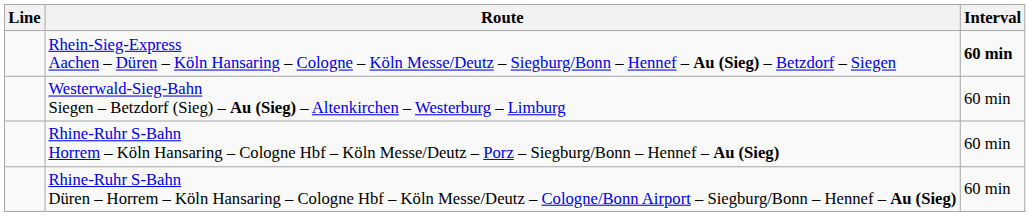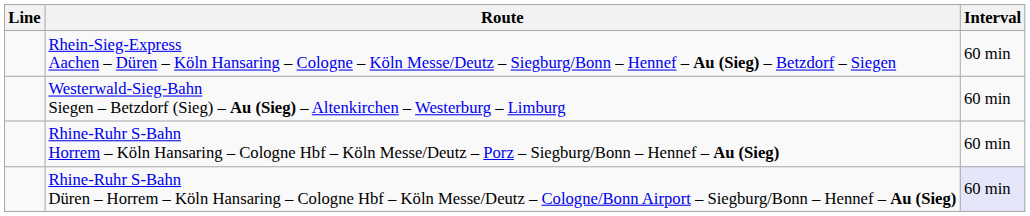 <table class="wikitable">
 <tr class="hintergrundfarbe6">
 <th>Line</th>
 <th>Route</th>
 <th>Interval</th>
 </tr>
 <tr>
 <td></td>
 <td><a href='#'>Rhein-Sieg-Express</a><br><a href='#'>Aachen</a> – <a href='#'>Düren</a> – <a href='#'>Köln Hansaring</a> – <a href='#'>Cologne</a> – <a href='#'>Köln Messe/Deutz</a> – <a href='#'>Siegburg/Bonn</a> – <a href='#'>Hennef</a> – <strong>Au (Sieg)</strong> – <a href='#'>Betzdorf</a> – <a href='#'>Siegen</a></td>
-<td><strong>60 min</strong></td>
+<td>60 min</td>
 </tr>
 <tr>
 <td></td>
 <td><a href='#'>Westerwald-Sieg-Bahn</a><br>Siegen – Betzdorf (Sieg) – <strong>Au (Sieg)</strong> – <a href='#'>Altenkirchen</a> – <a href='#'>Westerburg</a> – <a href='#'>Limburg</a></td>
 <td>60 min</td>
 </tr>
 <tr>
 <td></td>
 <td><a href='#'>Rhine-Ruhr S-Bahn</a><br><a href='#'>Horrem</a> – Köln Hansaring – Cologne Hbf – Köln Messe/Deutz – <a href='#'>Porz</a> – Siegburg/Bonn – Hennef – <strong>Au (Sieg)</strong></td>
 <td>60 min</td>
 </tr>
 <tr>
 <td></td>
 <td><a href='#'>Rhine-Ruhr S-Bahn</a><br> Düren – Horrem – Köln Hansaring – Cologne Hbf – Köln Messe/Deutz – <a href='#'>Cologne/Bonn Airport</a> – Siegburg/Bonn – Hennef – <strong>Au (Sieg)</strong></td>
-<td>60 min</td>
+<td style="background: lavender;">60 min</td>
 </tr>
 <tr>
 </tr>
 </table>
